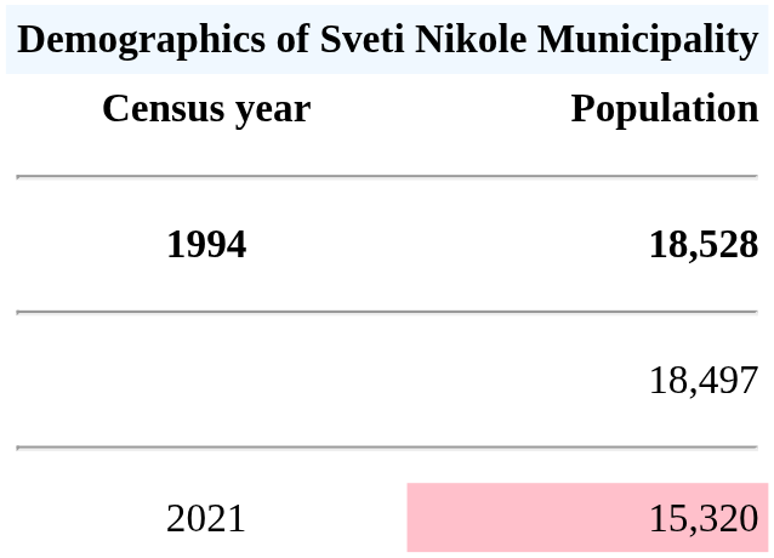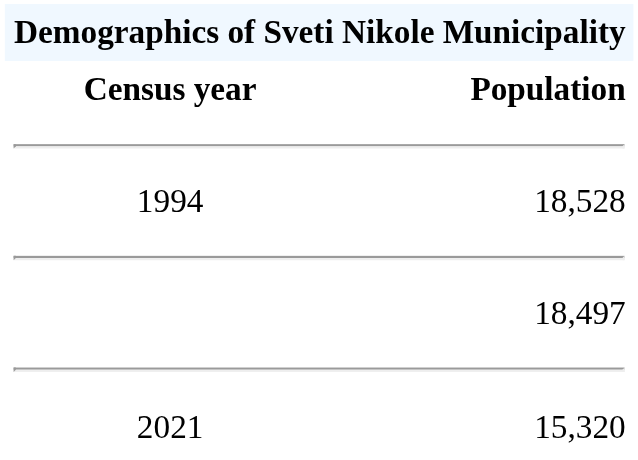 <table class="toccolours" align="center" cellpadding="4" cellspacing="0" style="margin:0 0 1em 1em; font-size: 95%;|">
 <tr>
 <th colspan="2"  style="background:#f0f8ff; text-align:center;">Demographics of <strong>Sveti Nikole Municipality</strong></th>
 </tr>
 <tr>
 <th style="text-align:center;">Census year</th>
 <th style="text-align:right;">Population</th>
 </tr>
 <tr>
 <td colspan=3><hr></td>
 </tr>
 <tr>
-<td style="text-align:center;"><strong>1994</strong></td>
-<td style="text-align:right;"><strong>18,528</strong></td>
+<td style="text-align:center;">1994</td>
+<td style="text-align:right;">18,528</td>
 </tr>
 <tr>
 <td colspan=3><hr></td>
 </tr>
 <tr>
 <td style="text-align:center;"></td>
 <td style="text-align:right;">18,497</td>
 </tr>
 <tr>
 <td colspan=3><hr></td>
 </tr>
 <tr>
 <td style="text-align:center;">2021</td>
-<td style="background: pink; text-align:right;">15,320</td>
+<td style="text-align:right;">15,320</td>
 </tr>
 <tr>
 </tr>
 </table>
